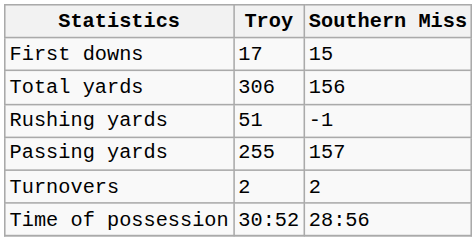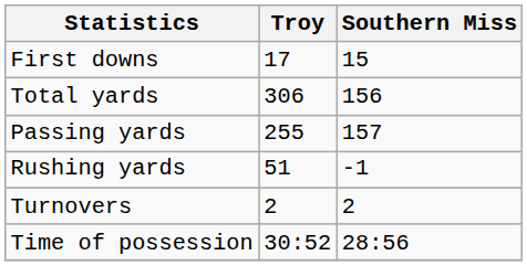 <table class="wikitable">
 <tr>
 <th>Statistics</th>
 <th>Troy</th>
 <th>Southern Miss</th>
 </tr>
 <tr>
 <td>First downs</td>
 <td>17</td>
 <td>15</td>
 </tr>
 <tr>
 <td>Total yards</td>
 <td>306</td>
 <td>156</td>
 </tr>
 <tr>
+<td>Passing yards</td>
+<td>255</td>
+<td>157</td>
+</tr>
+<tr>
 <td>Rushing yards</td>
 <td>51</td>
 <td>-1</td>
-</tr>
-<tr>
-<td>Passing yards</td>
-<td>255</td>
-<td>157</td>
 </tr>
 <tr>
 <td>Turnovers</td>
 <td>2</td>
 <td>2</td>
 </tr>
 <tr>
 <td>Time of possession</td>
 <td>30:52</td>
 <td>28:56</td>
 </tr>
 <tr>
 </tr>
 </table>
